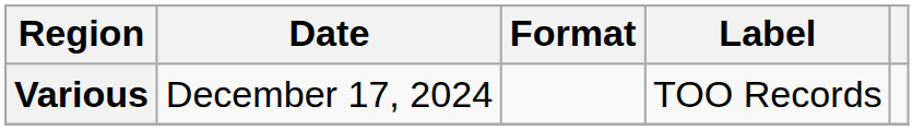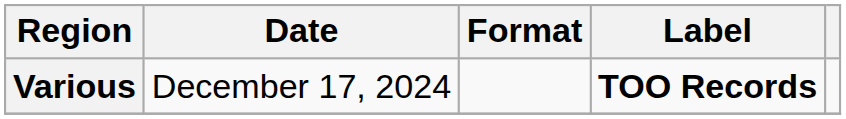 <table class="wikitable plainrowheaders">
 <tr>
 <th scope="col">Region</th>
 <th scope="col">Date</th>
 <th scope="col">Format</th>
 <th scope="col">Label</th>
 <th scope="col"></th>
 </tr>
 <tr>
 <th scope="row">Various</th>
 <td>December 17, 2024</td>
 <td></td>
-<td>TOO Records</td>
+<td><strong>TOO Records</strong></td>
 <td style="text-align:center"></td>
 </tr>
 <tr>
 </tr>
 </table>
